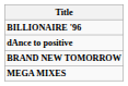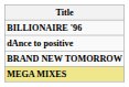 <table class="wikitable" style="font-size:small;">
 <tr>
 <th>Title</th>
 </tr>
 <tr>
 <td><strong>BILLIONAIRE '96</strong></td>
 </tr>
 <tr>
 <td><strong>dAnce to positive</strong></td>
 </tr>
 <tr>
 <td><strong>BRAND NEW TOMORROW</strong></td>
 </tr>
 <tr>
-<td><strong>MEGA MIXES</strong></td>
+<td style="background: khaki;"><strong>MEGA MIXES</strong></td>
 </tr>
 </table>
